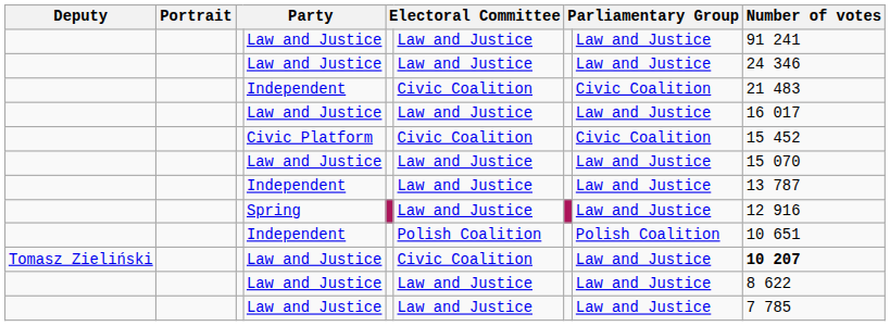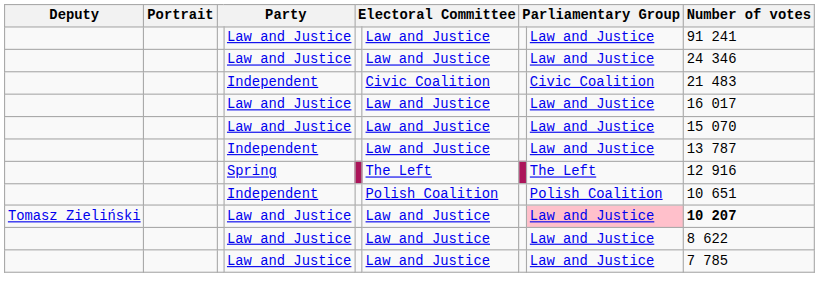 <table class="wikitable sortable" style="font-size:95%;line-height:14px;">
 <tr>
 <th>Deputy</th>
 <th>Portrait</th>
 <th colspan="2">Party</th>
 <th colspan="2">Electoral Committee</th>
 <th colspan="2">Parliamentary Group</th>
 <th>Number of votes</th>
 </tr>
 <tr>
 <td></td>
 <td></td>
 <td style="background:"></td>
 <td><a href='#'>Law and Justice</a></td>
 <td style="background:"></td>
 <td><a href='#'>Law and Justice</a></td>
 <td style="background:"></td>
 <td><a href='#'>Law and Justice</a></td>
 <td>91 241</td>
 </tr>
 <tr>
 <td></td>
 <td></td>
 <td style="background:"></td>
 <td><a href='#'>Law and Justice</a></td>
 <td style="background:"></td>
 <td><a href='#'>Law and Justice</a></td>
 <td style="background:"></td>
 <td><a href='#'>Law and Justice</a></td>
 <td>24 346</td>
 </tr>
 <tr>
 <td></td>
 <td></td>
 <td style="background:"></td>
 <td><a href='#'>Independent</a></td>
 <td style="background:"></td>
 <td><a href='#'>Civic Coalition</a></td>
 <td style="background:"></td>
 <td><a href='#'>Civic Coalition</a></td>
 <td>21 483</td>
 </tr>
 <tr>
 <td></td>
 <td></td>
 <td style="background:"></td>
 <td><a href='#'>Law and Justice</a></td>
 <td style="background:"></td>
 <td><a href='#'>Law and Justice</a></td>
 <td style="background:"></td>
 <td><a href='#'>Law and Justice</a></td>
 <td>16 017</td>
 </tr>
 <tr>
 <td></td>
 <td></td>
 <td style="background:"></td>
-<td><a href='#'>Civic Platform</a></td>
-<td style="background:"></td>
-<td><a href='#'>Civic Coalition</a></td>
-<td style="background:"></td>
-<td><a href='#'>Civic Coalition</a></td>
-<td>15 452</td>
-</tr>
-<tr>
-<td></td>
-<td></td>
-<td style="background:"></td>
 <td><a href='#'>Law and Justice</a></td>
 <td style="background:"></td>
 <td><a href='#'>Law and Justice</a></td>
 <td style="background:"></td>
 <td><a href='#'>Law and Justice</a></td>
 <td>15 070</td>
 </tr>
 <tr>
 <td></td>
 <td></td>
 <td style="background:"></td>
 <td><a href='#'>Independent</a></td>
 <td style="background:"></td>
 <td><a href='#'>Law and Justice</a></td>
 <td style="background:"></td>
 <td><a href='#'>Law and Justice</a></td>
 <td>13 787</td>
 </tr>
 <tr>
 <td></td>
 <td></td>
 <td style="background:"></td>
 <td><a href='#'>Spring</a></td>
 <td style="background:#AC145A;"></td>
-<td><a href='#'>Law and Justice</a></td>
+<td><a href='#'>The Left</a></td>
 <td style="background:#AC145A;"></td>
-<td><a href='#'>Law and Justice</a></td>
+<td><a href='#'>The Left</a></td>
 <td>12 916</td>
 </tr>
 <tr>
 <td></td>
 <td></td>
 <td style="background:"></td>
 <td><a href='#'>Independent</a></td>
 <td style="background:"></td>
 <td><a href='#'>Polish Coalition</a></td>
 <td style="background:"></td>
 <td><a href='#'>Polish Coalition</a></td>
 <td>10 651</td>
 </tr>
 <tr>
 <td><a href='#'>Tomasz Zieliński</a></td>
 <td></td>
 <td style="background:"></td>
 <td><a href='#'>Law and Justice</a></td>
 <td style="background:"></td>
-<td><a href='#'>Civic Coalition</a></td>
+<td><a href='#'>Law and Justice</a></td>
 <td style="background:"></td>
-<td><a href='#'>Law and Justice</a></td>
+<td style="background: pink;"><a href='#'>Law and Justice</a></td>
 <td><strong>10 207</strong></td>
 </tr>
 <tr>
 <td></td>
 <td></td>
 <td style="background:"></td>
 <td><a href='#'>Law and Justice</a></td>
 <td style="background:"></td>
 <td><a href='#'>Law and Justice</a></td>
 <td style="background:"></td>
 <td><a href='#'>Law and Justice</a></td>
 <td>8 622</td>
 </tr>
 <tr>
 <td></td>
 <td></td>
 <td style="background:"></td>
 <td><a href='#'>Law and Justice</a></td>
 <td style="background:"></td>
 <td><a href='#'>Law and Justice</a></td>
 <td style="background:"></td>
 <td><a href='#'>Law and Justice</a></td>
 <td>7 785</td>
 </tr>
 </table>
